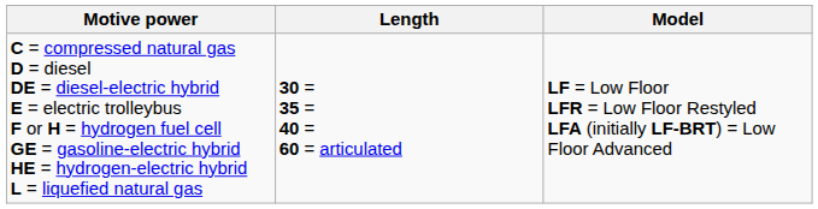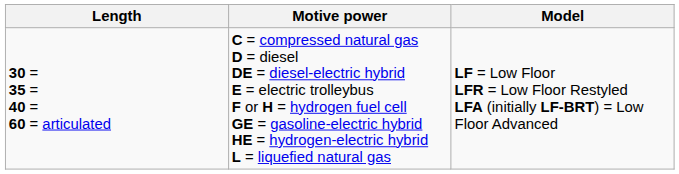 <table class="wikitable" style="margin:1em auto; width:45em;">
 <tr>
+<th width=33%>Length</th>
 <th width=33%>Motive power</th>
-<th width=33%>Length</th>
 <th width=33%>Model</th>
 </tr>
 <tr>
+<td><strong>30</strong> = <br><strong>35</strong> = <br><strong>40</strong> = <br><strong>60</strong> =  <a href='#'>articulated</a></td>
 <td><strong>C</strong> = <a href='#'>compressed natural gas</a><br><strong>D</strong> = diesel<br><strong>DE</strong> = <a href='#'>diesel-electric hybrid</a><br><strong>E</strong> = electric trolleybus<br><strong>F</strong> or <strong>H</strong> = <a href='#'>hydrogen fuel cell</a><br><strong>GE</strong> = <a href='#'>gasoline-electric hybrid</a><br><strong>HE</strong> = <a href='#'>hydrogen-electric hybrid</a><br><strong>L</strong> = <a href='#'>liquefied natural gas</a></td>
-<td><strong>30</strong> = <br><strong>35</strong> = <br><strong>40</strong> = <br><strong>60</strong> =  <a href='#'>articulated</a></td>
 <td><strong>LF</strong> = Low Floor<br><strong>LFR</strong> = Low Floor Restyled<br><strong>LFA</strong> (initially <strong>LF-BRT</strong>) = Low Floor Advanced</td>
 </tr>
 </table>
